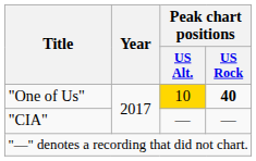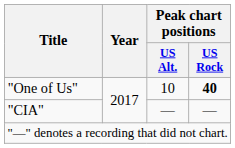 <table class="wikitable plainrowheaders" style="text-align:center;" border="1">
 <tr>
 <th scope="col" rowspan="2">Title</th>
 <th scope="col" rowspan="2">Year</th>
 <th scope="col" colspan="2">Peak chart positions</th>
 </tr>
 <tr>
 <th scope="col" style="width:3em;font-size:85%;"><a href='#'>US Alt.</a><br></th>
 <th scope="col" style="width:3em;font-size:85%;"><a href='#'>US Rock</a><br></th>
 </tr>
 <tr>
 <td align="left">"One of Us"</td>
 <td rowspan="2">2017</td>
-<td align="center" style="background: gold;">10</td>
+<td align="center">10</td>
 <td align="center"><strong>40</strong></td>
 </tr>
 <tr>
 <td align="left">"CIA"</td>
 <td align="center">—</td>
 <td align="center">—</td>
 </tr>
 <tr>
 <td colspan="4" style="font-size:90%">"—" denotes a recording that did not chart.</td>
 </tr>
 </table>
